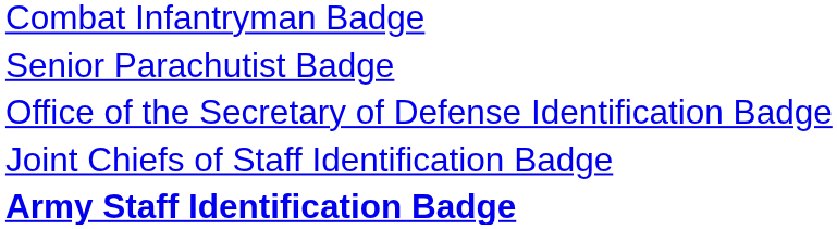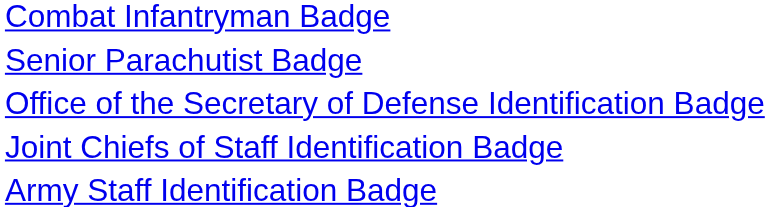 <table>
 <tr>
 <td> <a href='#'>Combat Infantryman Badge</a></td>
 </tr>
 <tr>
 <td> <a href='#'>Senior Parachutist Badge</a></td>
 </tr>
 <tr>
 <td> <a href='#'>Office of the Secretary of Defense Identification Badge</a></td>
 </tr>
 <tr>
 <td> <a href='#'>Joint Chiefs of Staff Identification Badge</a></td>
 </tr>
 <tr>
-<td><strong> <a href='#'>Army Staff Identification Badge</a></strong></td>
+<td> <a href='#'>Army Staff Identification Badge</a></td>
 </tr>
 </table>
